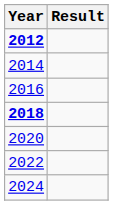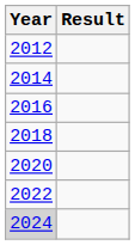 <table class="wikitable" style="text-align: center">
 <tr>
 <th>Year</th>
 <th>Result</th>
 </tr>
 <tr>
-<td><strong><a href='#'>2012</a></strong></td>
+<td><a href='#'>2012</a></td>
 <td></td>
 </tr>
 <tr>
 <td><a href='#'>2014</a></td>
 <td></td>
 </tr>
 <tr>
 <td><a href='#'>2016</a></td>
 <td></td>
 </tr>
 <tr>
-<td><strong><a href='#'>2018</a></strong></td>
+<td><a href='#'>2018</a></td>
 <td></td>
 </tr>
 <tr>
 <td><a href='#'>2020</a></td>
 <td></td>
 </tr>
 <tr>
 <td><a href='#'>2022</a></td>
 <td></td>
 </tr>
 <tr>
-<td><a href='#'>2024</a></td>
+<td style="background: lightgrey;"><a href='#'>2024</a></td>
 <td></td>
 </tr>
 </table>
